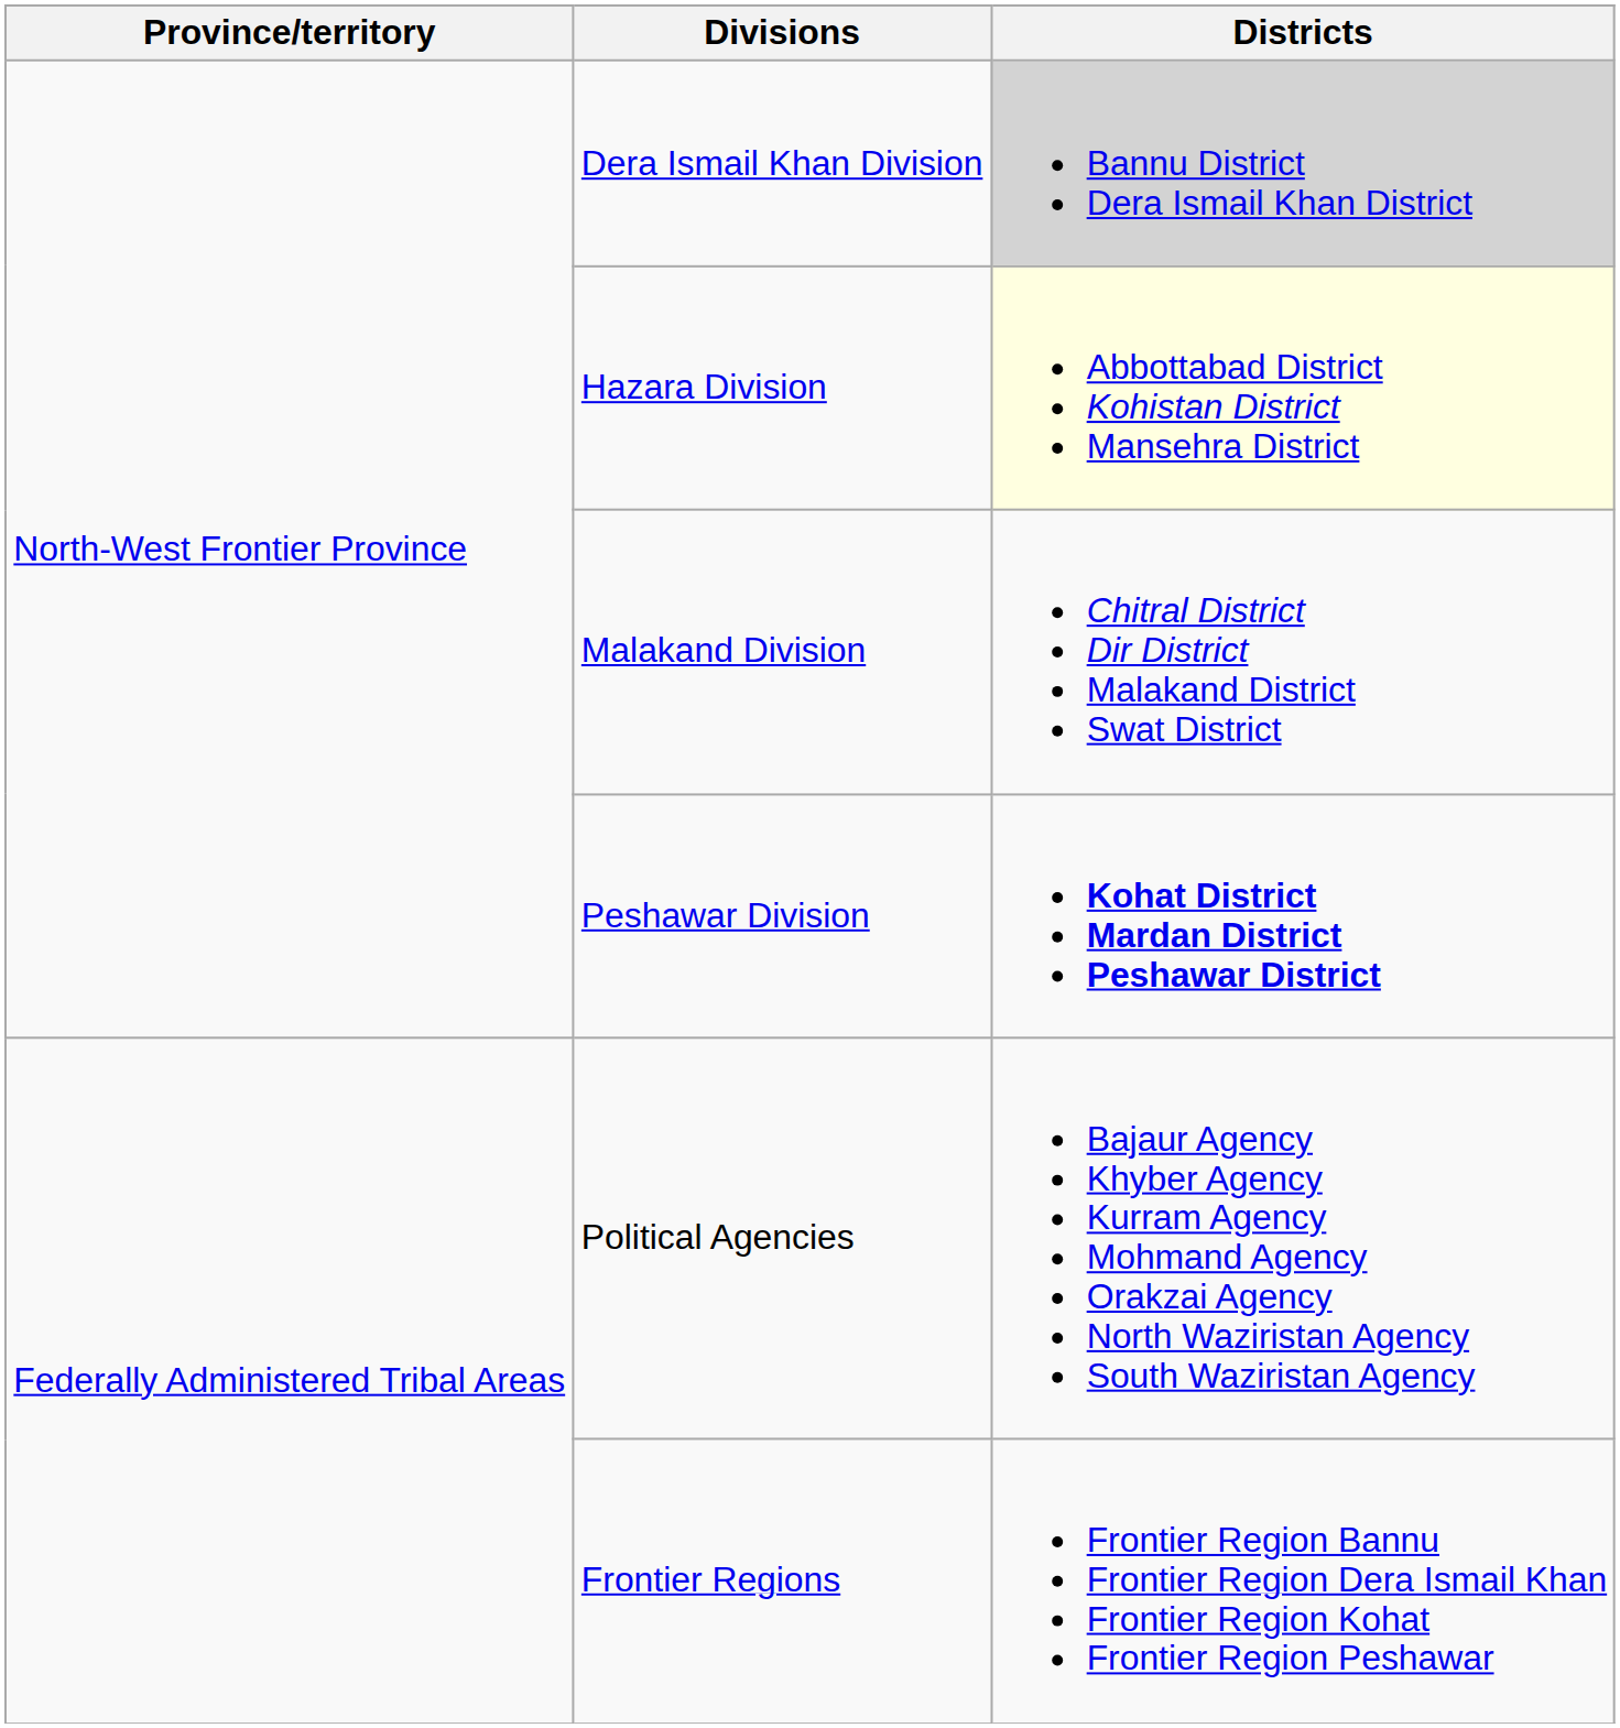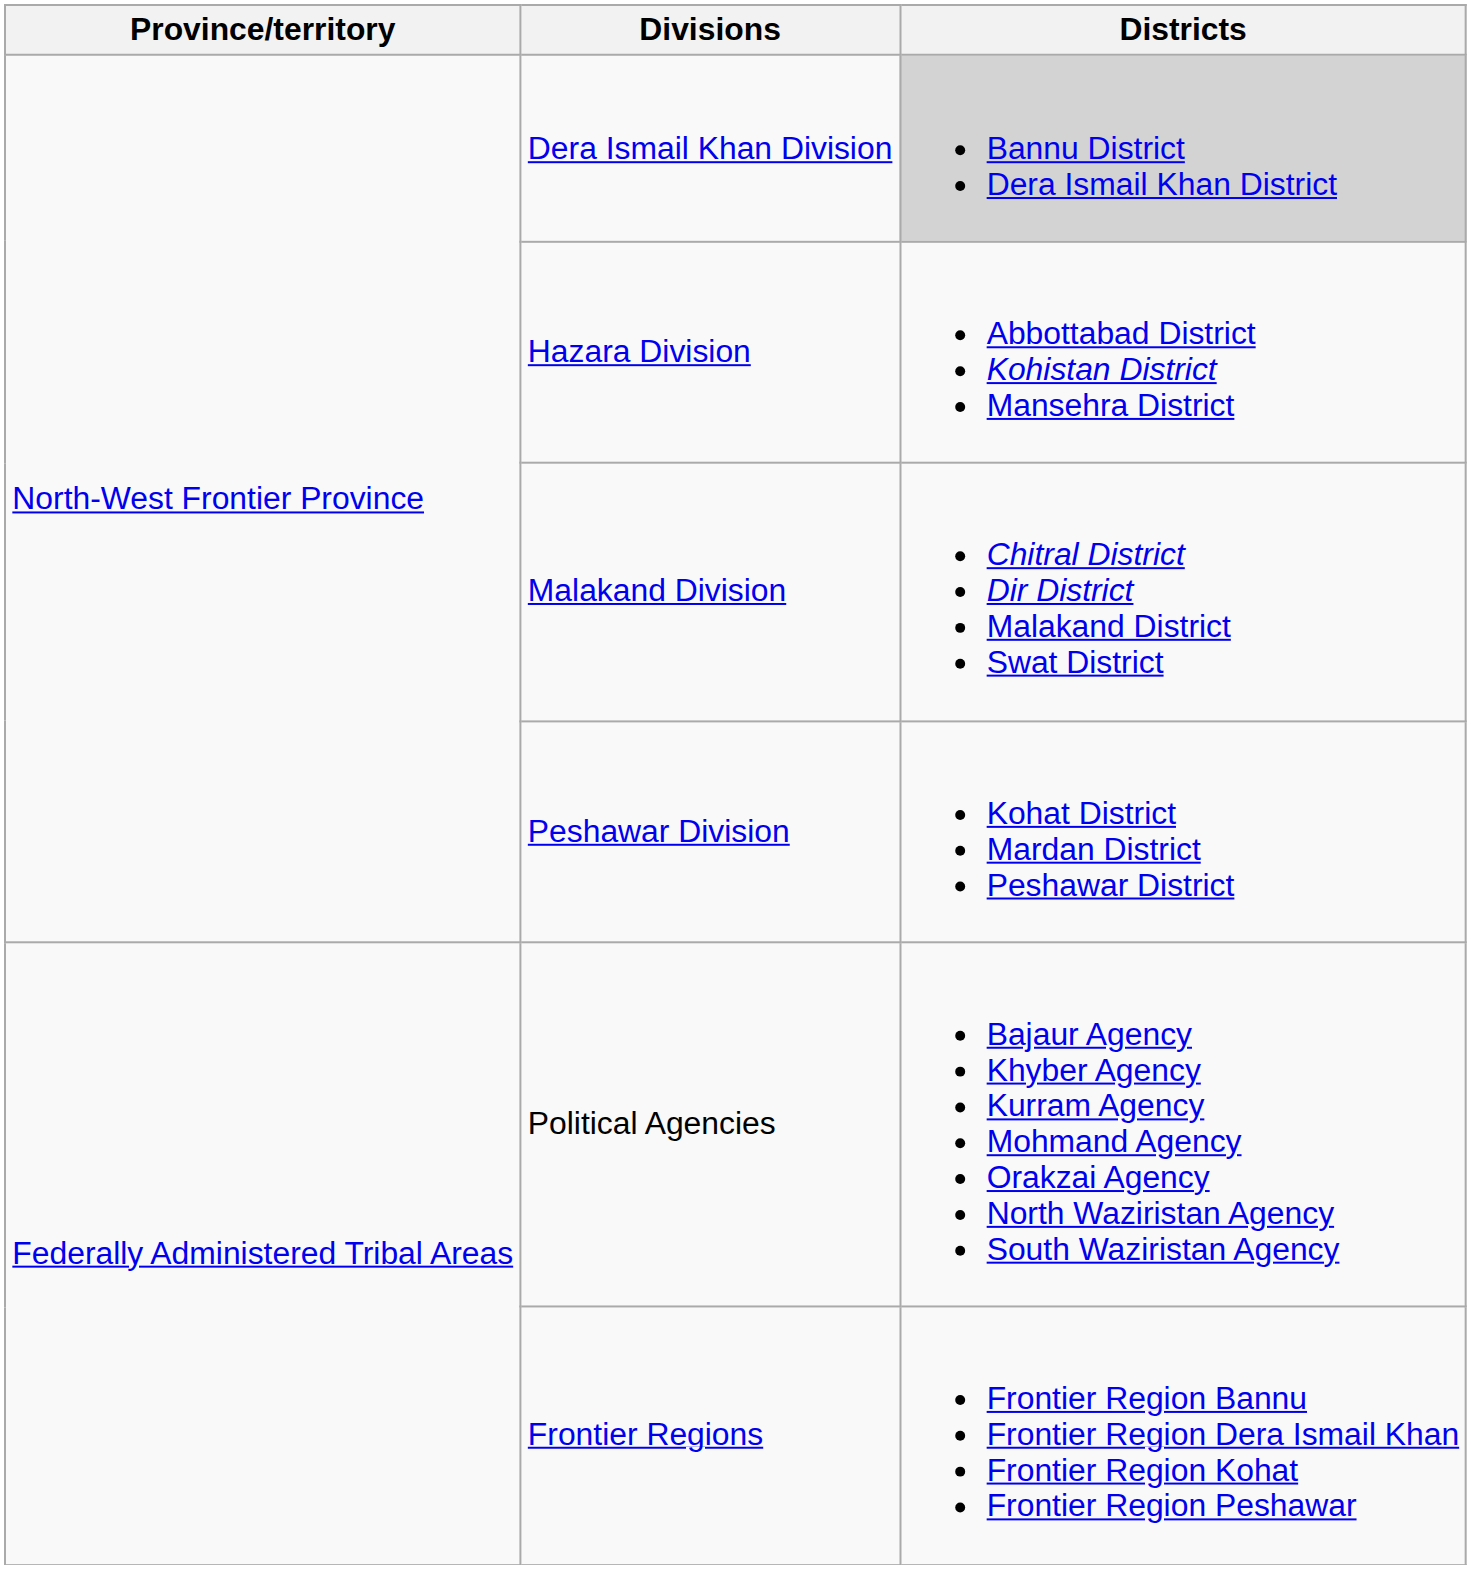 <table class="wikitable sortable">
 <tr>
 <th>Province/territory</th>
 <th>Divisions</th>
 <th>Districts</th>
 </tr>
 <tr>
 <td rowspan="4"><a href='#'>North-West Frontier Province</a></td>
 <td><a href='#'>Dera Ismail Khan Division</a></td>
 <td style="background: lightgrey;"><br><ul><li><a href='#'>Bannu District</a></li><li><a href='#'>Dera Ismail Khan District</a></li></ul></td>
 </tr>
 <tr>
 <td><a href='#'>Hazara Division</a></td>
-<td style="background: lightyellow;"><br><ul><li><a href='#'>Abbottabad District</a></li><li><em><a href='#'>Kohistan District</a></em></li><li><a href='#'>Mansehra District</a></li></ul></td>
+<td><br><ul><li><a href='#'>Abbottabad District</a></li><li><em><a href='#'>Kohistan District</a></em></li><li><a href='#'>Mansehra District</a></li></ul></td>
 </tr>
 <tr>
 <td><a href='#'>Malakand Division</a></td>
 <td><br><ul><li><em><a href='#'>Chitral District</a></em></li><li><em><a href='#'>Dir District</a></em></li><li><a href='#'>Malakand District</a></li><li><a href='#'>Swat District</a></li></ul></td>
 </tr>
 <tr>
 <td><a href='#'>Peshawar Division</a></td>
-<td><strong><br><ul><li><a href='#'>Kohat District</a></li><li><a href='#'>Mardan District</a></li><li><a href='#'>Peshawar District</a></li></ul></strong></td>
+<td><br><ul><li><a href='#'>Kohat District</a></li><li><a href='#'>Mardan District</a></li><li><a href='#'>Peshawar District</a></li></ul></td>
 </tr>
 <tr>
 <td rowspan="2"><a href='#'>Federally Administered Tribal Areas</a></td>
 <td>Political Agencies</td>
 <td><br><ul><li><a href='#'>Bajaur Agency</a></li><li><a href='#'>Khyber Agency</a></li><li><a href='#'>Kurram Agency</a></li><li><a href='#'>Mohmand Agency</a></li><li><a href='#'>Orakzai Agency</a></li><li><a href='#'>North Waziristan Agency</a></li><li><a href='#'>South Waziristan Agency</a></li></ul></td>
 </tr>
 <tr>
 <td><a href='#'>Frontier Regions</a></td>
 <td><br><ul><li><a href='#'>Frontier Region Bannu</a></li><li><a href='#'>Frontier Region Dera Ismail Khan</a></li><li><a href='#'>Frontier Region Kohat</a></li><li><a href='#'>Frontier Region Peshawar</a></li></ul></td>
 </tr>
 </table>
